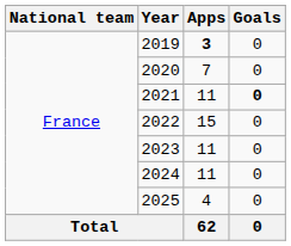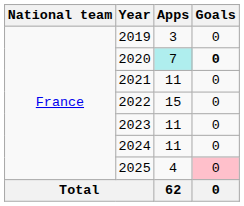 <table class="wikitable" style="text-align:center">
 <tr>
 <th>National team</th>
 <th>Year</th>
 <th>Apps</th>
 <th>Goals</th>
 </tr>
 <tr>
 <td rowspan=7><a href='#'>France</a></td>
 <td>2019</td>
-<td><strong>3</strong></td>
+<td>3</td>
 <td>0</td>
 </tr>
 <tr>
 <td>2020</td>
-<td>7</td>
-<td>0</td>
+<td style="background: paleturquoise;">7</td>
+<td><strong>0</strong></td>
 </tr>
 <tr>
 <td>2021</td>
 <td>11</td>
-<td><strong>0</strong></td>
+<td>0</td>
 </tr>
 <tr>
 <td>2022</td>
 <td>15</td>
 <td>0</td>
 </tr>
 <tr>
 <td>2023</td>
 <td>11</td>
 <td>0</td>
 </tr>
 <tr>
 <td>2024</td>
 <td>11</td>
 <td>0</td>
 </tr>
 <tr>
 <td>2025</td>
 <td>4</td>
-<td>0</td>
+<td style="background: pink;">0</td>
 </tr>
 <tr>
 <th colspan=2>Total</th>
 <th>62</th>
 <th>0</th>
 </tr>
 </table>
